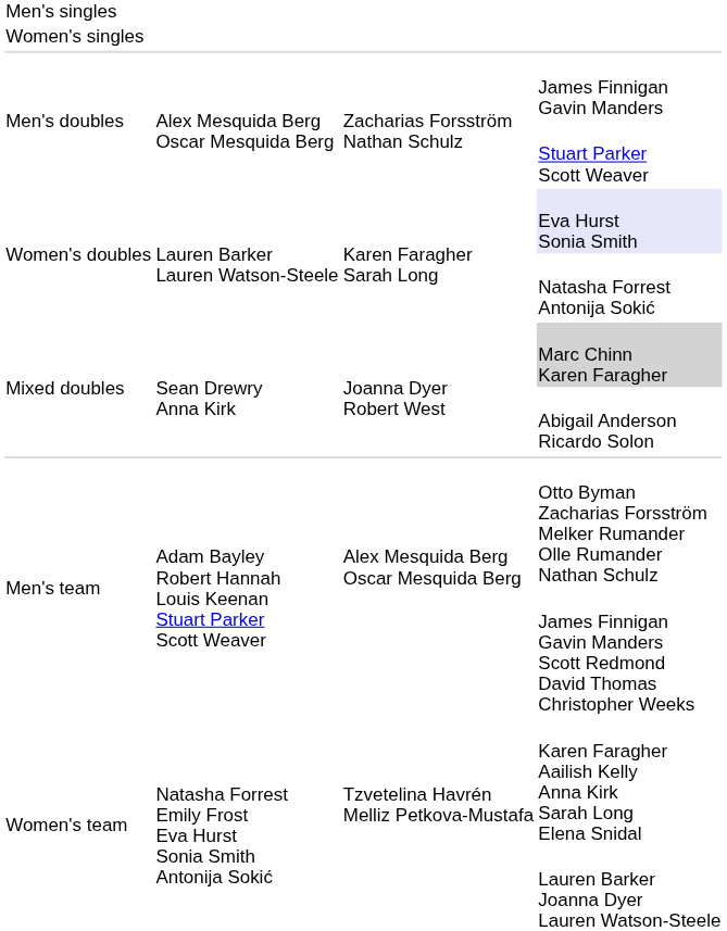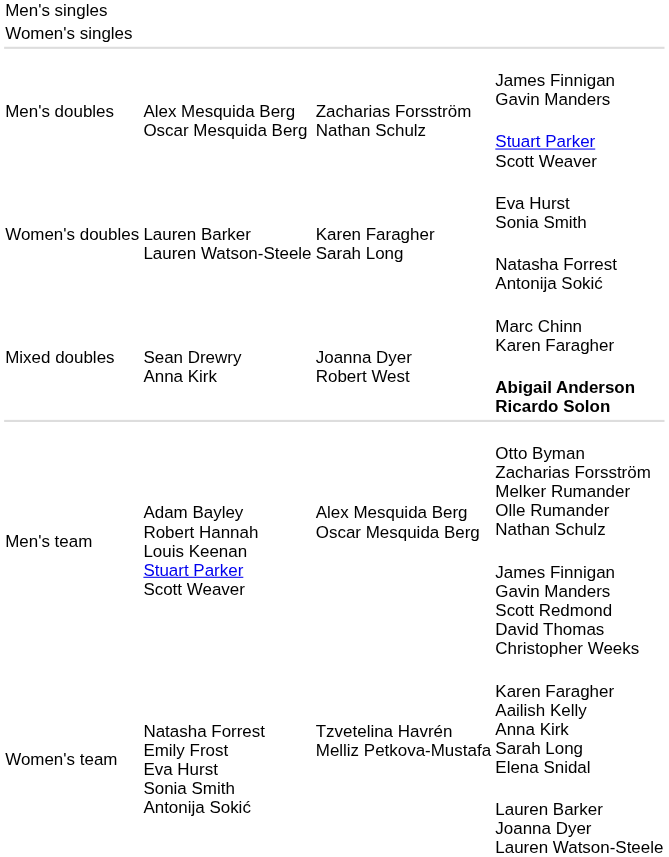 <table>
 <tr>
 <td rowspan=2>Men's singles</td>
 <td rowspan=2> </td>
 <td rowspan=2></td>
 <td></td>
 </tr>
 <tr>
 <td></td>
 </tr>
 <tr>
 <td rowspan=2>Women's singles</td>
 <td rowspan=2></td>
 <td rowspan=2></td>
 <td></td>
 </tr>
 <tr>
 <td></td>
 </tr>
 <tr bgcolor=#dddddd>
 <td colspan=5></td>
 </tr>
 <tr>
 <td rowspan=2>Men's doubles</td>
 <td rowspan=2> <br> Alex Mesquida Berg <br> Oscar Mesquida Berg</td>
 <td rowspan=2> <br> Zacharias Forsström <br> Nathan Schulz</td>
 <td nowrap> <br> James Finnigan <br> Gavin Manders</td>
 </tr>
 <tr>
 <td> <br> <a href='#'>Stuart Parker</a> <br> Scott Weaver</td>
 </tr>
 <tr>
 <td rowspan=2>Women's doubles</td>
 <td rowspan=2 nowrap> <br> Lauren Barker <br> Lauren Watson-Steele</td>
 <td rowspan=2> <br> Karen Faragher <br> Sarah Long</td>
-<td style="background: lavender;"> <br> Eva Hurst <br> Sonia Smith</td>
+<td> <br> Eva Hurst <br> Sonia Smith</td>
 </tr>
 <tr>
 <td>  <br> Natasha Forrest <br> Antonija Sokić</td>
 </tr>
 <tr>
 <td rowspan=2>Mixed doubles</td>
 <td rowspan=2> <br> Sean Drewry <br> Anna Kirk</td>
 <td rowspan=2> <br> Joanna Dyer <br> Robert West</td>
-<td style="background: lightgrey;"> <br> Marc Chinn <br> Karen Faragher</td>
+<td> <br> Marc Chinn <br> Karen Faragher</td>
 </tr>
 <tr>
-<td> <br> Abigail Anderson <br> Ricardo Solon</td>
+<td><strong> <br> Abigail Anderson <br> Ricardo Solon</strong></td>
 </tr>
 <tr bgcolor=#dddddd>
 <td colspan=5></td>
 </tr>
 <tr>
 <td rowspan=2>Men's team</td>
 <td rowspan=2><br>Adam Bayley<br>Robert Hannah<br>Louis Keenan<br><a href='#'>Stuart Parker</a><br>Scott Weaver</td>
 <td rowspan=2><br>Alex Mesquida Berg<br>Oscar Mesquida Berg<br> <br> <br> </td>
 <td><br>Otto Byman<br>Zacharias Forsström<br>Melker Rumander<br>Olle Rumander<br>Nathan Schulz</td>
 </tr>
 <tr>
 <td><br>James Finnigan<br>Gavin Manders<br>Scott Redmond<br>David Thomas<br>Christopher Weeks</td>
 </tr>
 <tr>
 <td rowspan=2>Women's team</td>
 <td rowspan=2><br>Natasha Forrest<br>Emily Frost<br>Eva Hurst<br>Sonia Smith<br>Antonija Sokić</td>
 <td rowspan=2 nowrap><br>Tzvetelina Havrén<br>Melliz Petkova-Mustafa<br> <br> <br> </td>
 <td><br>Karen Faragher<br>Aailish Kelly<br>Anna Kirk<br>Sarah Long<br>Elena Snidal</td>
 </tr>
 <tr>
 <td nowrap><br>Lauren Barker<br>Joanna Dyer<br>Lauren Watson-Steele</td>
 </tr>
 </table>
